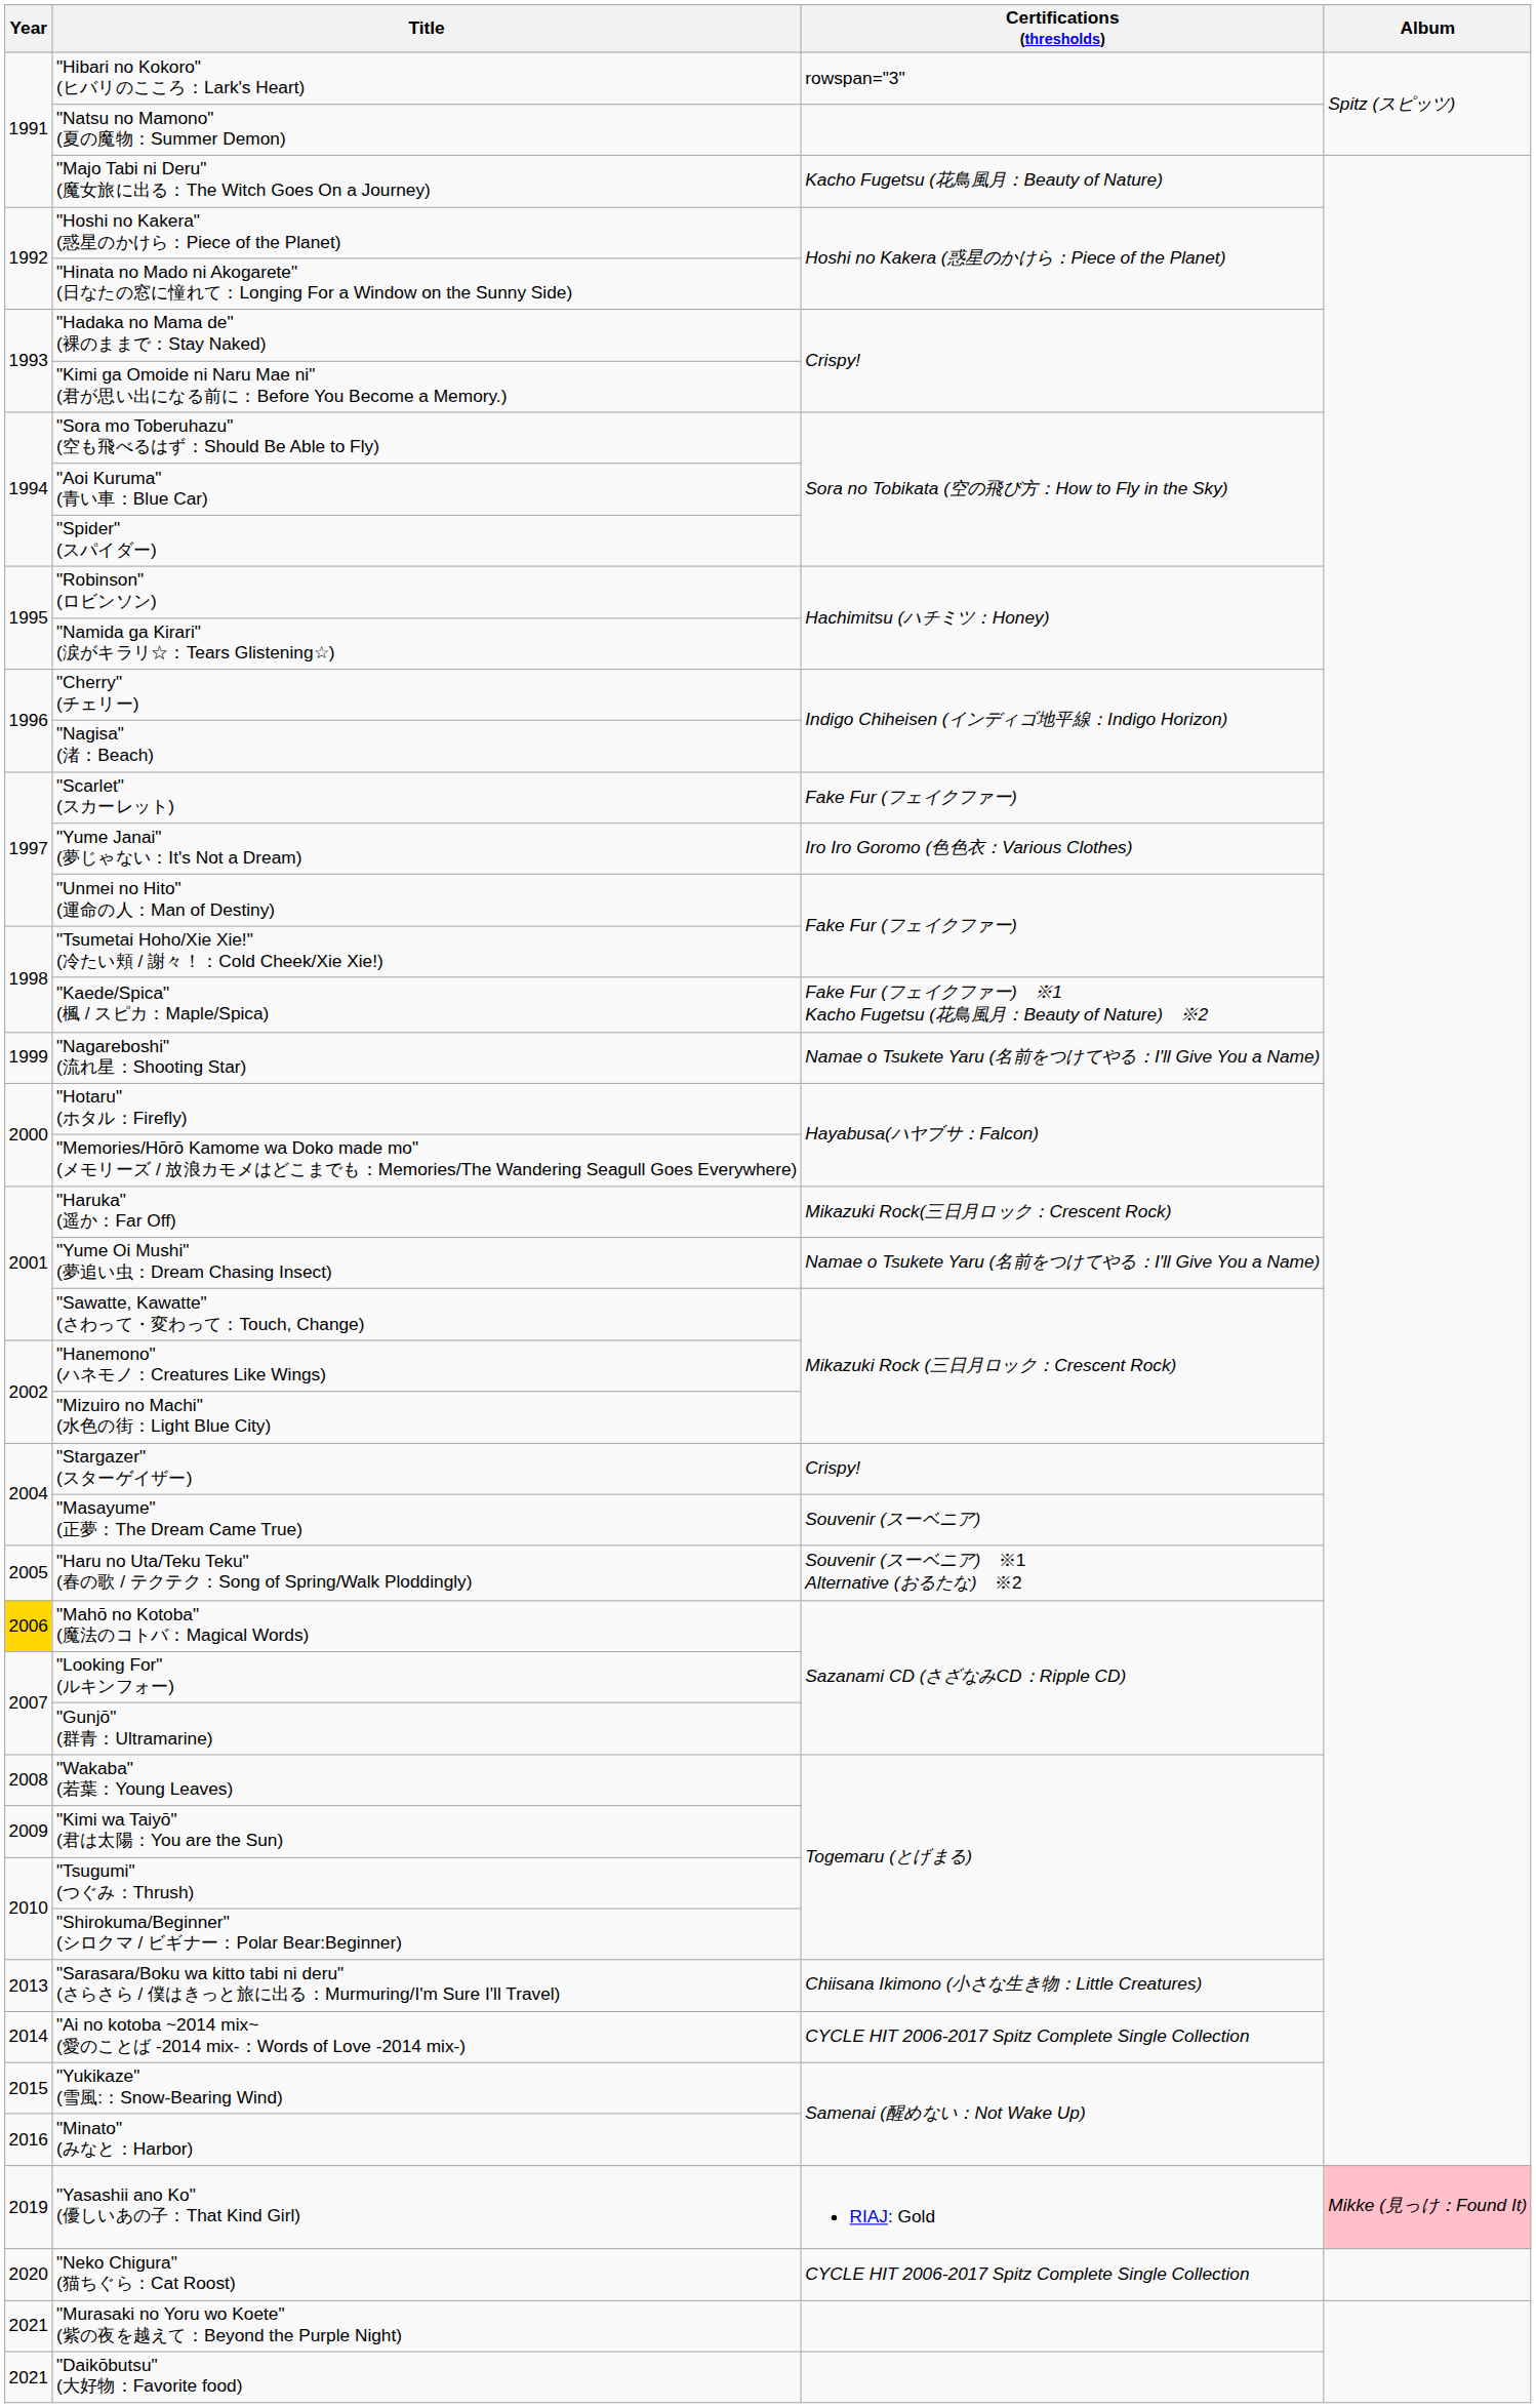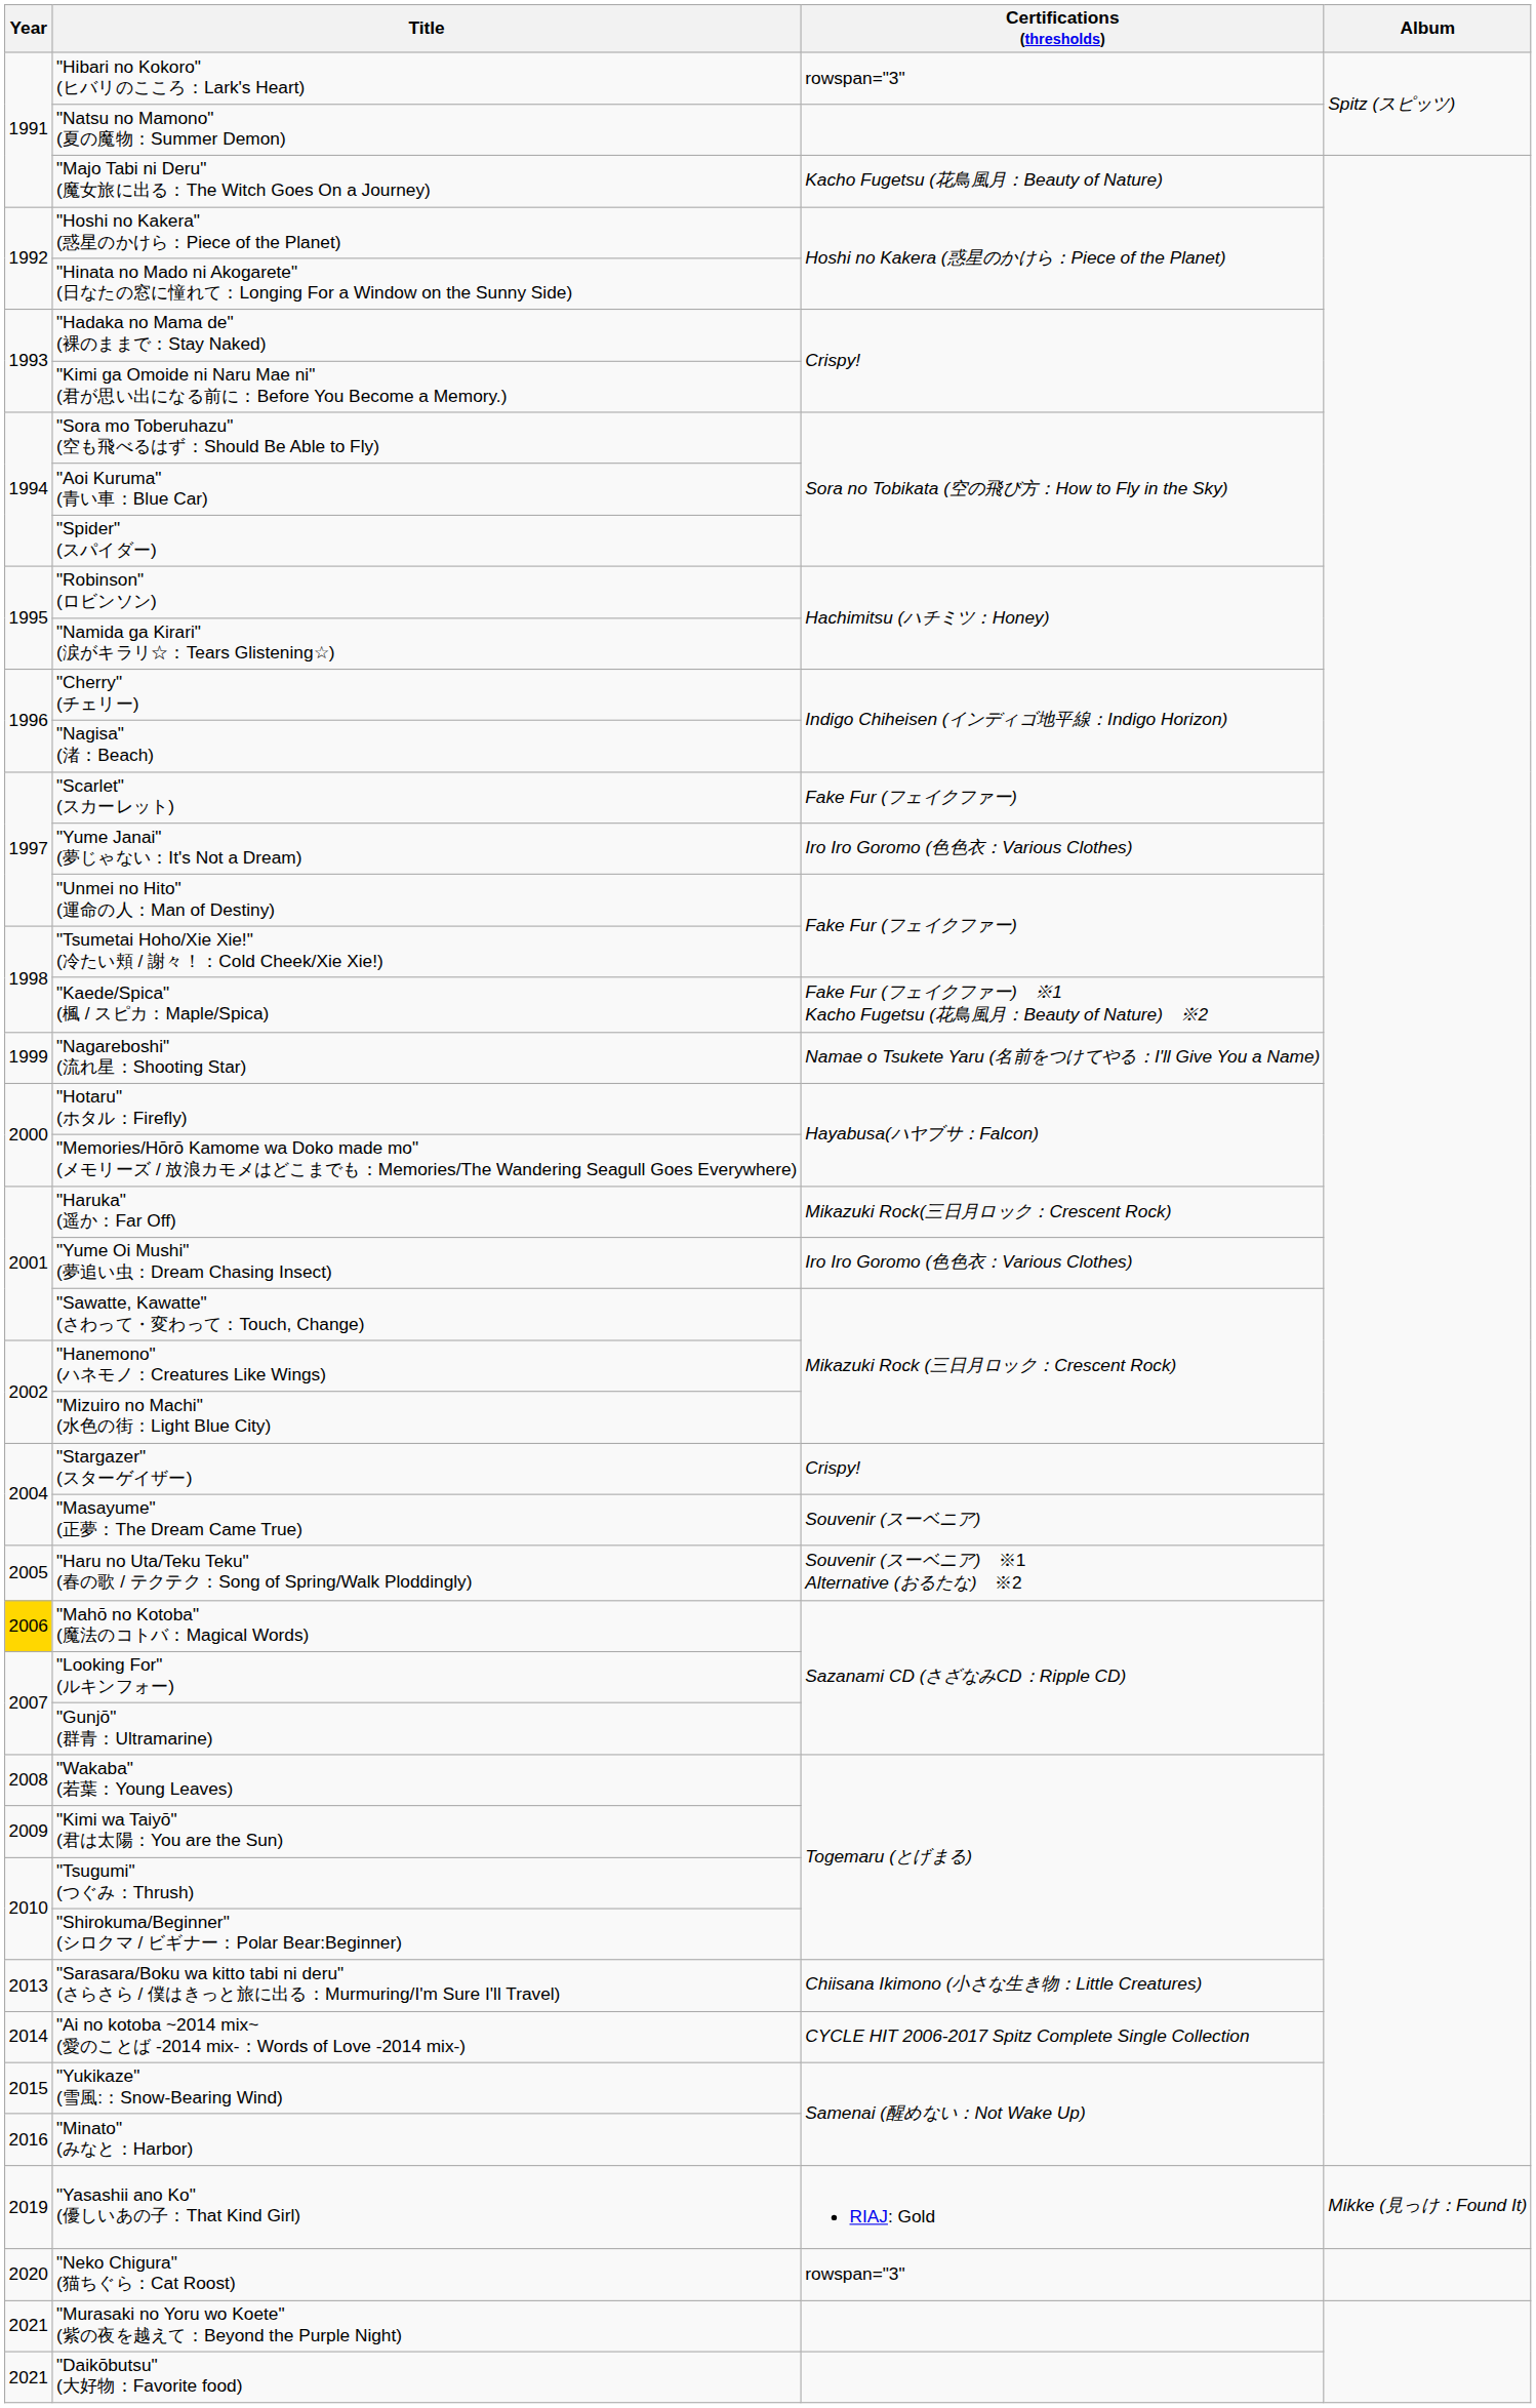 <table class="wikitable">
 <tr>
 <th>Year</th>
 <th>Title</th>
 <th>Certifications<br><small>(<a href='#'>thresholds</a>)</small></th>
 <th>Album</th>
 </tr>
 <tr>
 <td rowspan="3">1991</td>
 <td>"Hibari no Kokoro"<br>(ヒバリのこころ：Lark's Heart)</td>
 <td>rowspan="3" </td>
 <td rowspan="2"><em>Spitz (スピッツ)</em></td>
 </tr>
 <tr>
 <td>"Natsu no Mamono"<br>(夏の魔物：Summer Demon)</td>
 </tr>
 <tr>
 <td>"Majo Tabi ni Deru"<br>(魔女旅に出る：The Witch Goes On a Journey)</td>
 <td><em>Kacho Fugetsu (花鳥風月：Beauty of Nature)</em></td>
 </tr>
 <tr>
 <td rowspan="2">1992</td>
 <td>"Hoshi no Kakera"<br>(惑星のかけら：Piece of the Planet)</td>
 <td rowspan="2"><em>Hoshi no Kakera (惑星のかけら：Piece of the Planet)</em></td>
 </tr>
 <tr>
 <td>"Hinata no Mado ni Akogarete"<br>(日なたの窓に憧れて：Longing For a Window on the Sunny Side)</td>
 </tr>
 <tr>
 <td rowspan="2">1993</td>
 <td>"Hadaka no Mama de"<br>(裸のままで：Stay Naked)</td>
 <td rowspan="2"><em>Crispy!</em></td>
 </tr>
 <tr>
 <td>"Kimi ga Omoide ni Naru Mae ni"<br>(君が思い出になる前に：Before You Become a Memory.)</td>
 </tr>
 <tr>
 <td rowspan="3">1994</td>
 <td>"Sora mo Toberuhazu"<br>(空も飛べるはず：Should Be Able to Fly)</td>
 <td rowspan="3"><em>Sora no Tobikata (空の飛び方：How to Fly in the Sky)</em></td>
 </tr>
 <tr>
 <td>"Aoi Kuruma"<br>(青い車：Blue Car)</td>
 </tr>
 <tr>
 <td>"Spider"<br>(スパイダー)</td>
 </tr>
 <tr>
 <td rowspan="2">1995</td>
 <td>"Robinson"<br>(ロビンソン)</td>
 <td rowspan="2"><em>Hachimitsu (ハチミツ：Honey)</em></td>
 </tr>
 <tr>
 <td>"Namida ga Kirari"<br>(涙がキラリ☆：Tears Glistening☆)</td>
 </tr>
 <tr>
 <td rowspan="2">1996</td>
 <td>"Cherry"<br>(チェリー)</td>
 <td rowspan="2"><em>Indigo Chiheisen (インディゴ地平線：Indigo Horizon)</em></td>
 </tr>
 <tr>
 <td>"Nagisa"<br>(渚：Beach)</td>
 </tr>
 <tr>
 <td rowspan="3">1997</td>
 <td>"Scarlet"<br>(スカーレット)</td>
 <td><em>Fake Fur (フェイクファー)</em></td>
 </tr>
 <tr>
 <td>"Yume Janai"<br>(夢じゃない：It's Not a Dream)</td>
 <td><em>Iro Iro Goromo (色色衣：Various Clothes)</em></td>
 </tr>
 <tr>
 <td>"Unmei no Hito"<br>(運命の人：Man of Destiny)</td>
 <td rowspan="2"><em>Fake Fur (フェイクファー)</em></td>
 </tr>
 <tr>
 <td rowspan="2">1998</td>
 <td>"Tsumetai Hoho/Xie Xie!"<br>(冷たい頬 / 謝々！：Cold Cheek/Xie Xie!)</td>
 </tr>
 <tr>
 <td>"Kaede/Spica"<br>(楓 / スピカ：Maple/Spica)</td>
 <td><em>Fake Fur (フェイクファー)　※1</em><br><em>Kacho Fugetsu (花鳥風月：Beauty of Nature)　※2</em></td>
 </tr>
 <tr>
 <td>1999</td>
 <td>"Nagareboshi"<br>(流れ星：Shooting Star)</td>
 <td><em>Namae o Tsukete Yaru (名前をつけてやる：I'll Give You a Name)</em></td>
 </tr>
 <tr>
 <td rowspan="2">2000</td>
 <td>"Hotaru"<br>(ホタル：Firefly)</td>
 <td rowspan="2"><em>Hayabusa(ハヤブサ：Falcon)</em></td>
 </tr>
 <tr>
 <td>"Memories/Hōrō Kamome wa Doko made mo"<br>(メモリーズ / 放浪カモメはどこまでも：Memories/The Wandering Seagull Goes Everywhere)</td>
 </tr>
 <tr>
 <td rowspan="3">2001</td>
 <td>"Haruka"<br>(遥か：Far Off)</td>
 <td><em>Mikazuki Rock(三日月ロック：Crescent Rock)</em></td>
 </tr>
 <tr>
 <td>"Yume Oi Mushi"<br>(夢追い虫：Dream Chasing Insect)</td>
-<td><em>Namae o Tsukete Yaru (名前をつけてやる：I'll Give You a Name)</em></td>
+<td><em>Iro Iro Goromo (色色衣：Various Clothes)</em></td>
 </tr>
 <tr>
 <td>"Sawatte, Kawatte"<br>(さわって・変わって：Touch, Change)</td>
 <td rowspan="3"><em>Mikazuki Rock (三日月ロック：Crescent Rock)</em></td>
 </tr>
 <tr>
 <td rowspan="2">2002</td>
 <td>"Hanemono"<br>(ハネモノ：Creatures Like Wings)</td>
 </tr>
 <tr>
 <td>"Mizuiro no Machi"<br>(水色の街：Light Blue City)</td>
 </tr>
 <tr>
 <td rowspan="2">2004</td>
 <td>"Stargazer"<br>(スターゲイザー)</td>
 <td><em>Crispy!</em></td>
 </tr>
 <tr>
 <td>"Masayume"<br>(正夢：The Dream Came True)</td>
 <td><em>Souvenir (スーベニア)</em></td>
 </tr>
 <tr>
 <td>2005</td>
 <td>"Haru no Uta/Teku Teku"<br>(春の歌 / テクテク：Song of Spring/Walk Ploddingly)</td>
 <td><em>Souvenir (スーベニア)</em>　※1<br><em>Alternative (おるたな)</em>　※2</td>
 </tr>
 <tr>
 <td style="background: gold;">2006</td>
 <td>"Mahō no Kotoba"<br>(魔法のコトバ：Magical Words)</td>
 <td rowspan="3"><em>Sazanami CD (さざなみCD：Ripple CD)</em></td>
 </tr>
 <tr>
 <td rowspan="2">2007</td>
 <td>"Looking For"<br>(ルキンフォー)</td>
 </tr>
 <tr>
 <td>"Gunjō"<br>(群青：Ultramarine)</td>
 </tr>
 <tr>
 <td>2008</td>
 <td>"Wakaba"<br>(若葉：Young Leaves)</td>
 <td rowspan="4"><em>Togemaru (とげまる)</em></td>
 </tr>
 <tr>
 <td>2009</td>
 <td>"Kimi wa Taiyō"<br>(君は太陽：You are the Sun)</td>
 </tr>
 <tr>
 <td rowspan="2">2010</td>
 <td>"Tsugumi"<br>(つぐみ：Thrush)</td>
 </tr>
 <tr>
 <td>"Shirokuma/Beginner"<br>(シロクマ / ビギナー：Polar Bear:Beginner)</td>
 </tr>
 <tr>
 <td>2013</td>
 <td>"Sarasara/Boku wa kitto tabi ni deru"<br>(さらさら / 僕はきっと旅に出る：Murmuring/I'm Sure I'll Travel)</td>
 <td><em>Chiisana Ikimono (小さな生き物：Little Creatures)</em></td>
 </tr>
 <tr>
 <td>2014</td>
 <td>"Ai no kotoba ~2014 mix~<br>(愛のことば -2014 mix-：Words of Love -2014 mix-)</td>
 <td><em>CYCLE HIT 2006-2017 Spitz Complete Single Collection</em></td>
 </tr>
 <tr>
 <td>2015</td>
 <td>"Yukikaze"<br>(雪風:：Snow-Bearing Wind)</td>
 <td rowspan="2"><em>Samenai (醒めない：Not Wake Up)</em></td>
 </tr>
 <tr>
 <td>2016</td>
 <td>"Minato"<br>(みなと：Harbor)</td>
 </tr>
 <tr>
 <td>2019</td>
 <td>"Yasashii ano Ko"<br>(優しいあの子：That Kind Girl)</td>
 <td><br><ul><li><a href='#'>RIAJ</a>: Gold </li></ul></td>
-<td style="background: pink;"><em>Mikke (見っけ：Found It)</em></td>
+<td><em>Mikke (見っけ：Found It)</em></td>
 </tr>
 <tr>
 <td>2020</td>
 <td>"Neko Chigura"<br>(猫ちぐら：Cat Roost)</td>
-<td><em>CYCLE HIT 2006-2017 Spitz Complete Single Collection</em></td>
+<td>rowspan="3" </td>
 <td></td>
 </tr>
 <tr>
 <td>2021</td>
 <td>"Murasaki no Yoru wo Koete"<br>(紫の夜を越えて：Beyond the Purple Night)</td>
 <td></td>
 </tr>
 <tr>
 <td>2021</td>
 <td>"Daikōbutsu"<br>(大好物：Favorite food)</td>
 <td></td>
 </tr>
 </table>
